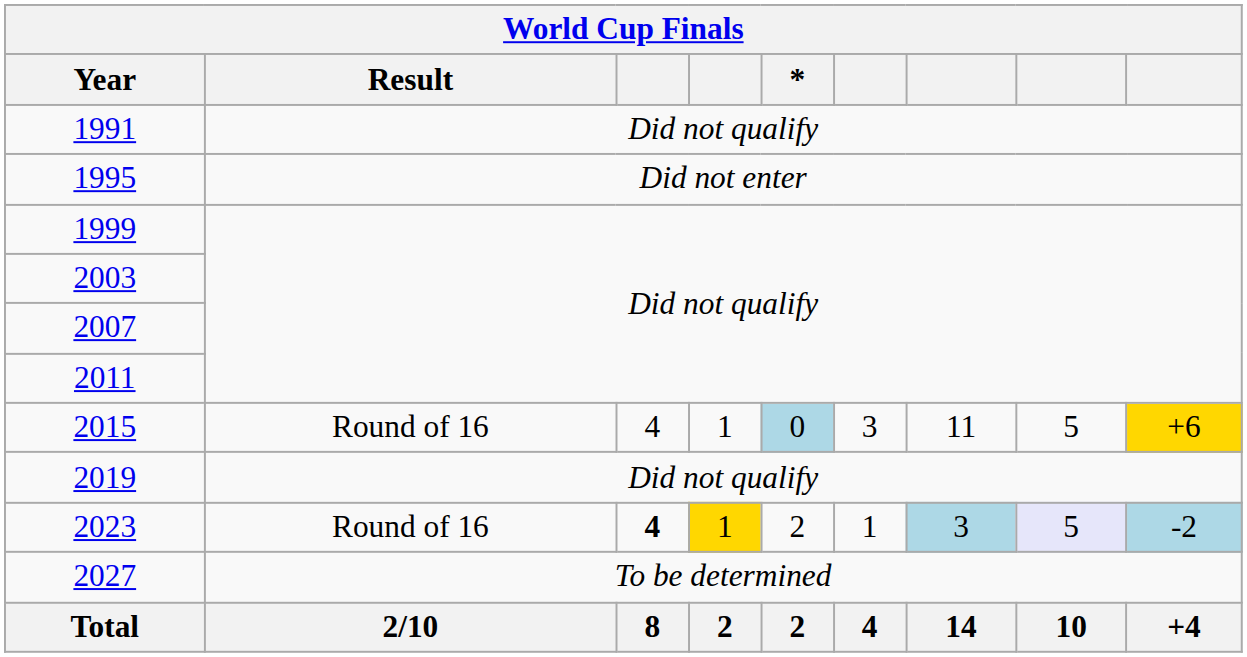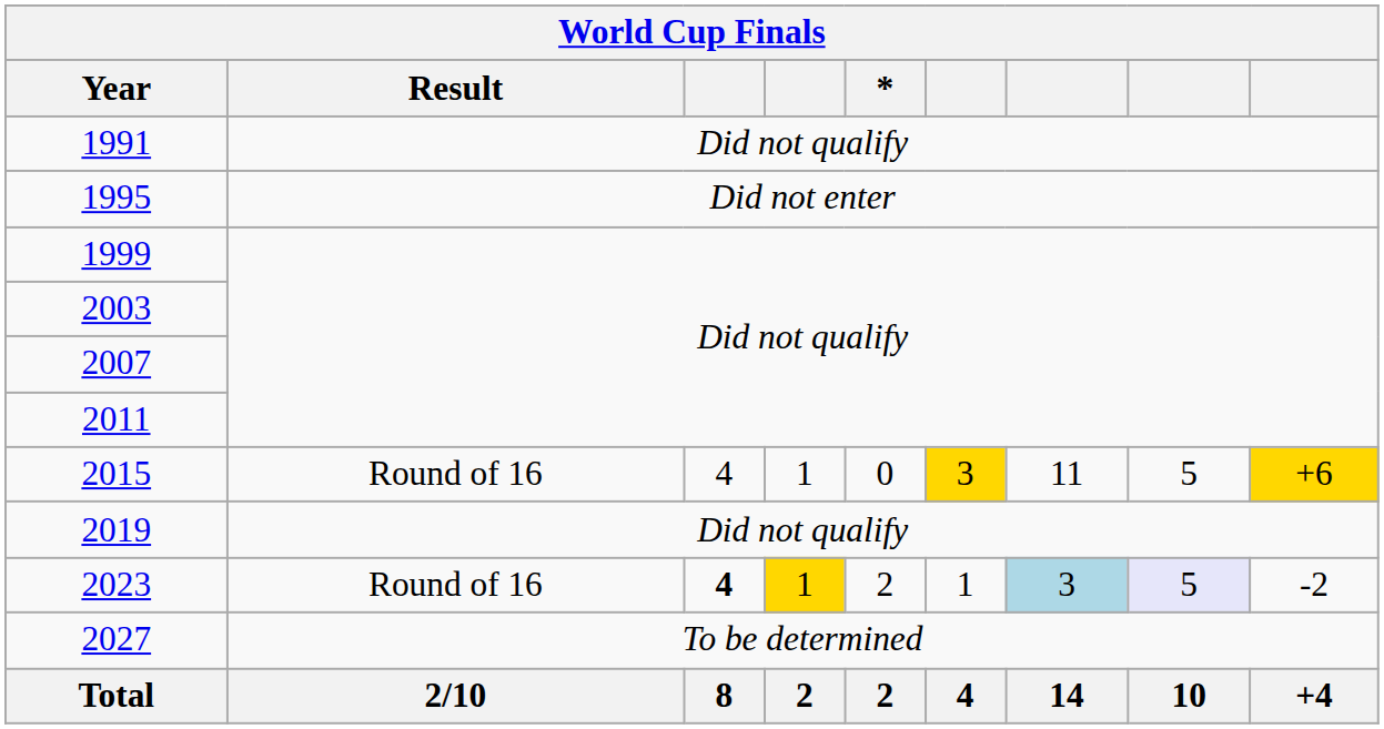 <table class="wikitable" style="text-align: center; width:50%;">
 <tr>
 <th colspan=10><a href='#'>World Cup Finals</a></th>
 </tr>
 <tr>
 <th>Year</th>
 <th>Result</th>
 <th></th>
 <th></th>
 <th>*</th>
 <th></th>
 <th></th>
 <th></th>
 <th></th>
 </tr>
 <tr>
 <td> <a href='#'>1991</a></td>
 <td colspan=8><em>Did not qualify</em></td>
 </tr>
 <tr>
 <td> <a href='#'>1995</a></td>
 <td colspan=8><em>Did not enter</em></td>
 </tr>
 <tr>
 <td> <a href='#'>1999</a></td>
 <td rowspan=4 colspan=8><em>Did not qualify</em></td>
 </tr>
 <tr>
 <td> <a href='#'>2003</a></td>
 </tr>
 <tr>
 <td> <a href='#'>2007</a></td>
 </tr>
 <tr>
 <td> <a href='#'>2011</a></td>
 </tr>
 <tr>
 <td> <a href='#'>2015</a></td>
 <td>Round of 16</td>
 <td>4</td>
 <td>1</td>
-<td style="background: lightblue;">0</td>
-<td>3</td>
+<td>0</td>
+<td style="background: gold;">3</td>
 <td>11</td>
 <td>5</td>
 <td style="background: gold;">+6</td>
 </tr>
 <tr>
 <td> <a href='#'>2019</a></td>
 <td colspan=8><em>Did not qualify</em></td>
 </tr>
 <tr>
 <td>  <a href='#'>2023</a></td>
 <td>Round of 16</td>
 <td><strong>4</strong></td>
 <td style="background: gold;">1</td>
 <td>2</td>
 <td>1</td>
 <td style="background: lightblue;">3</td>
 <td style="background: lavender;">5</td>
-<td style="background: lightblue;">-2</td>
+<td>-2</td>
 </tr>
 <tr>
 <td> <a href='#'>2027</a></td>
 <td colspan=8><em>To be determined</em></td>
 </tr>
 <tr>
 <th>Total</th>
 <th>2/10</th>
 <th>8</th>
 <th>2</th>
 <th>2</th>
 <th>4</th>
 <th>14</th>
 <th>10</th>
 <th>+4</th>
 </tr>
 </table>
